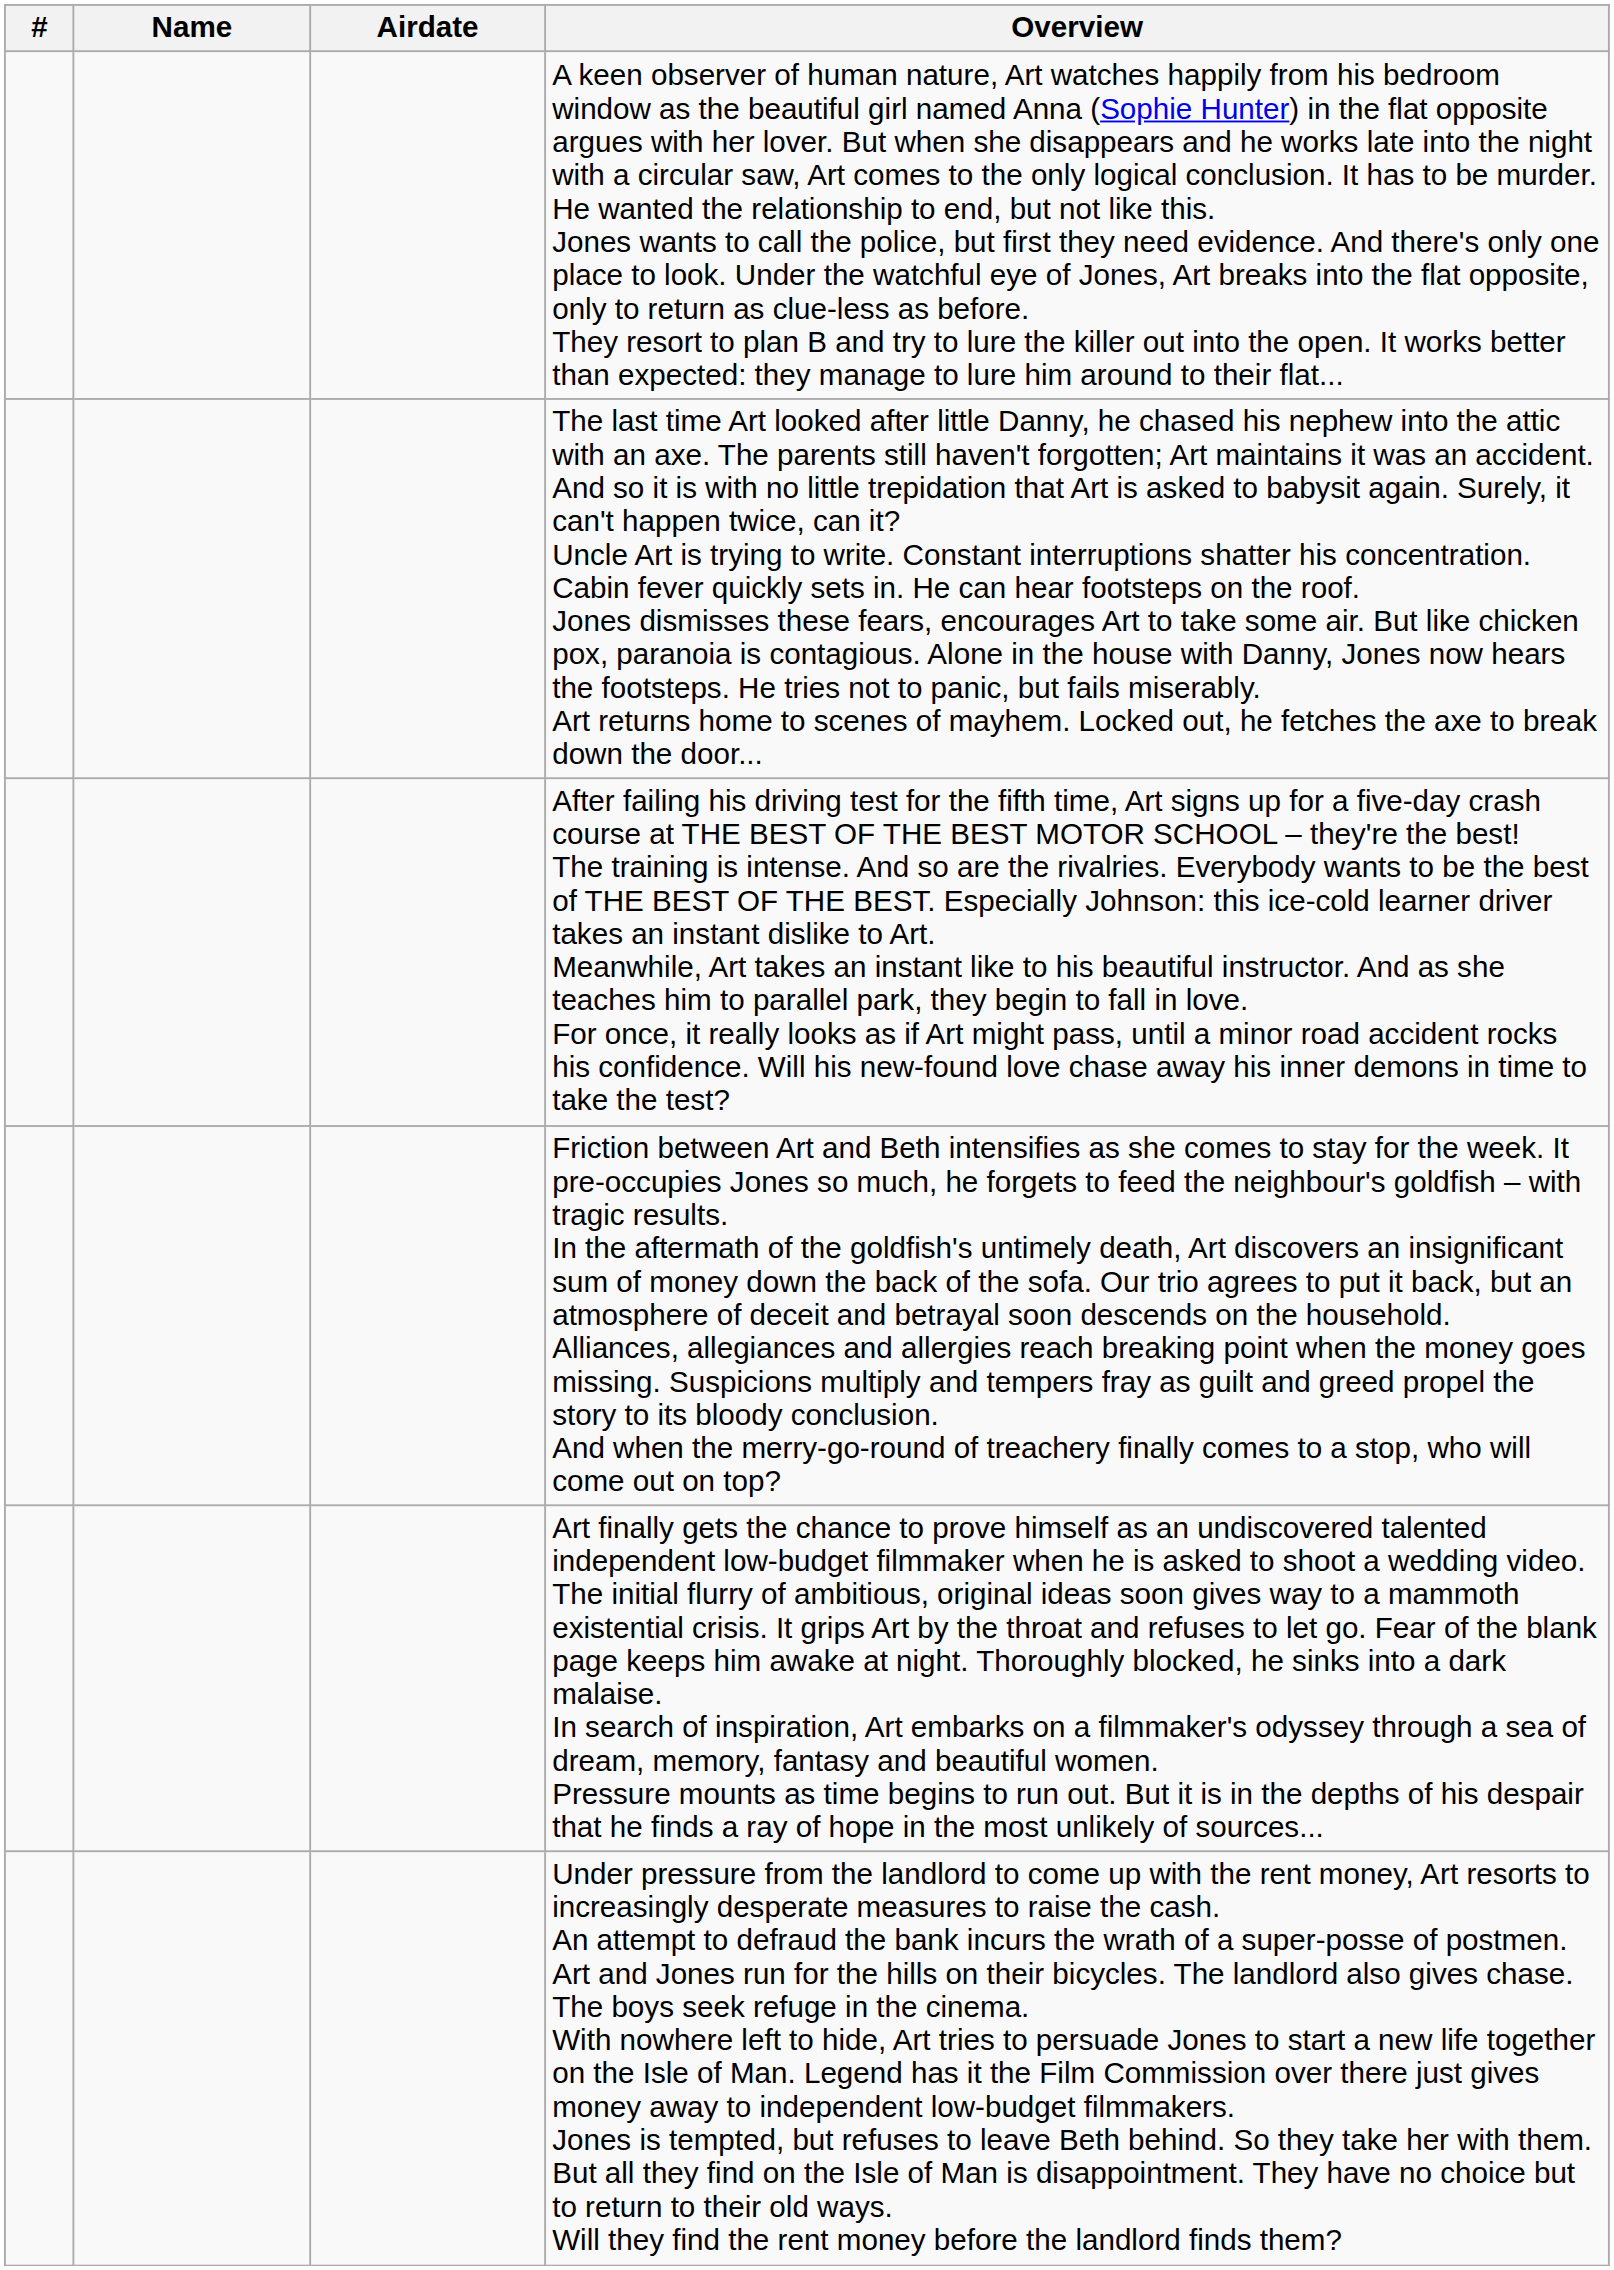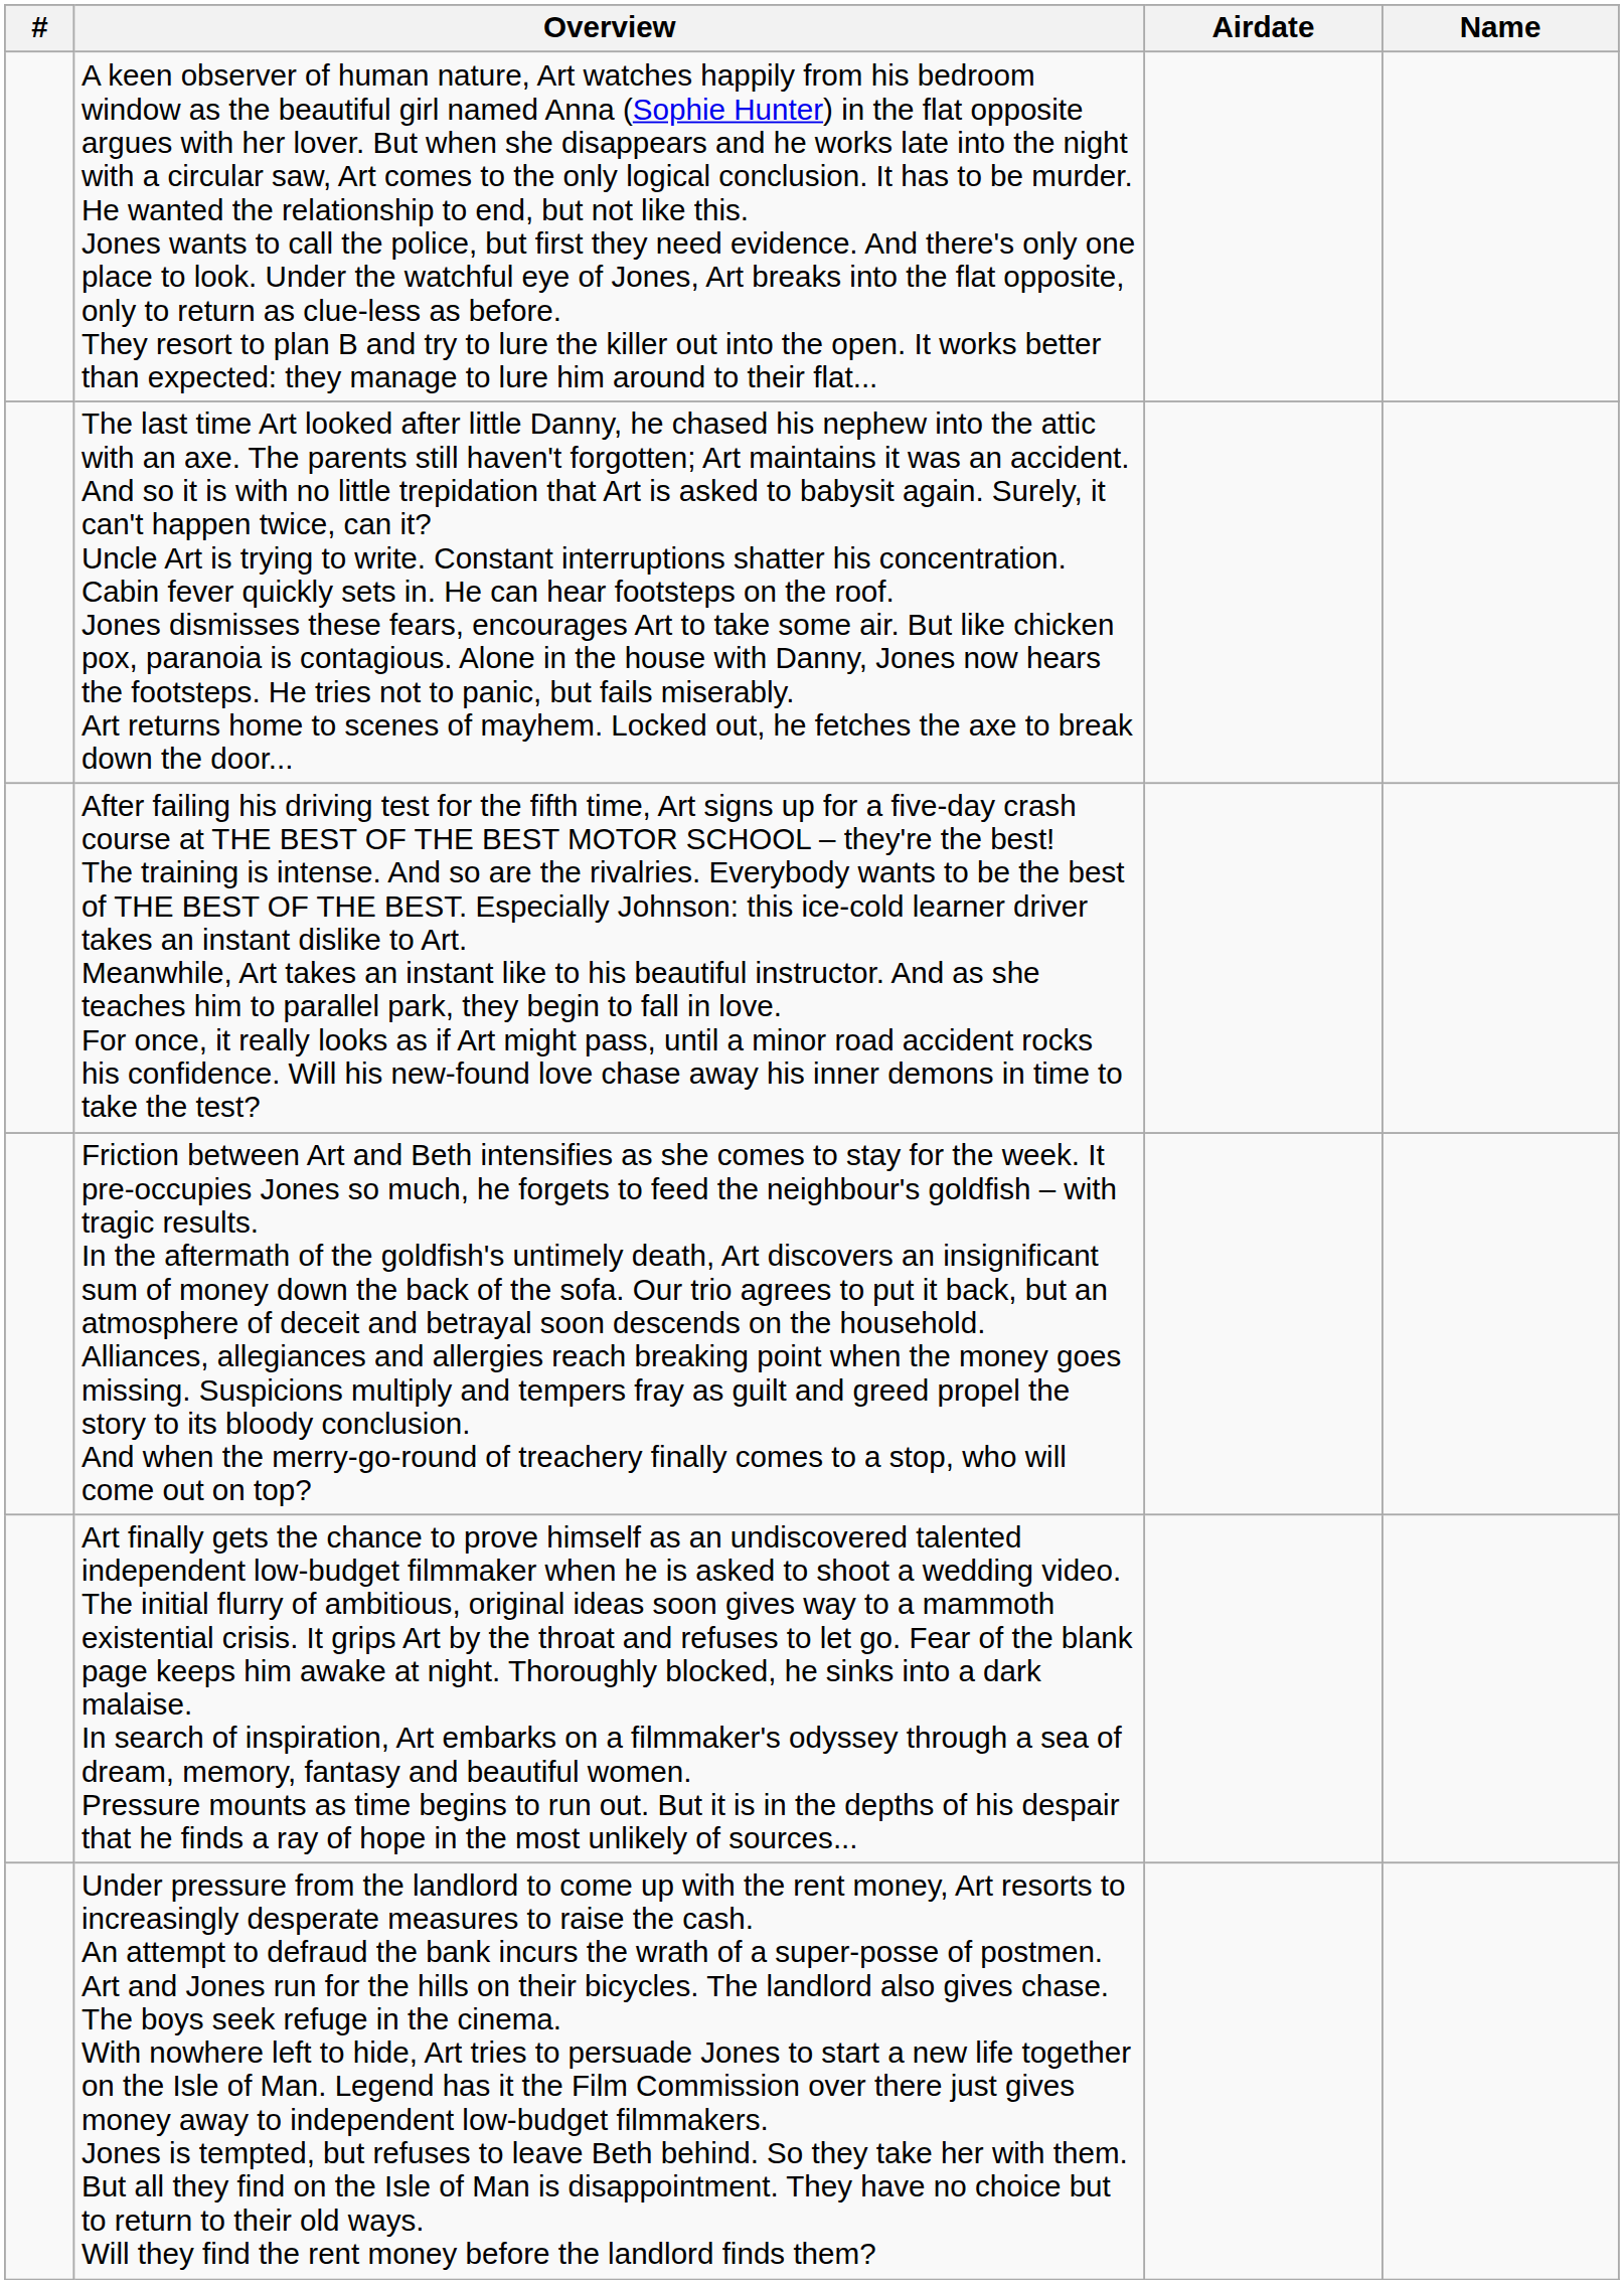 <table class="wikitable">
 <tr>
 <th width="30">#</th>
+<th>Overview</th>
+<th width="120">Airdate</th>
 <th width="120">Name</th>
-<th width="120">Airdate</th>
-<th>Overview</th>
 </tr>
 <tr>
 <td></td>
+<td>A keen observer of human nature, Art watches happily from his bedroom window as the beautiful girl named Anna (<a href='#'>Sophie Hunter</a>) in the flat opposite argues with her lover. But when she disappears and he works late into the night with a circular saw, Art comes to the only logical conclusion. It has to be murder.<br>He wanted the relationship to end, but not like this.<br>Jones wants to call the police, but first they need evidence. And there's only one place to look. Under the watchful eye of Jones, Art breaks into the flat opposite, only to return as clue-less as before.<br>They resort to plan B and try to lure the killer out into the open. It works better than expected: they manage to lure him around to their flat...</td>
 <td></td>
 <td></td>
-<td>A keen observer of human nature, Art watches happily from his bedroom window as the beautiful girl named Anna (<a href='#'>Sophie Hunter</a>) in the flat opposite argues with her lover. But when she disappears and he works late into the night with a circular saw, Art comes to the only logical conclusion. It has to be murder.<br>He wanted the relationship to end, but not like this.<br>Jones wants to call the police, but first they need evidence. And there's only one place to look. Under the watchful eye of Jones, Art breaks into the flat opposite, only to return as clue-less as before.<br>They resort to plan B and try to lure the killer out into the open. It works better than expected: they manage to lure him around to their flat...</td>
 </tr>
 <tr>
 <td></td>
+<td>The last time Art looked after little Danny, he chased his nephew into the attic with an axe. The parents still haven't forgotten; Art maintains it was an accident. And so it is with no little trepidation that Art is asked to babysit again. Surely, it can't happen twice, can it?<br>Uncle Art is trying to write. Constant interruptions shatter his concentration. Cabin fever quickly sets in. He can hear footsteps on the roof.<br>Jones dismisses these fears, encourages Art to take some air. But like chicken pox, paranoia is contagious. Alone in the house with Danny, Jones now hears the footsteps. He tries not to panic, but fails miserably.<br>Art returns home to scenes of mayhem. Locked out, he fetches the axe to break down the door...</td>
 <td></td>
 <td></td>
-<td>The last time Art looked after little Danny, he chased his nephew into the attic with an axe. The parents still haven't forgotten; Art maintains it was an accident. And so it is with no little trepidation that Art is asked to babysit again. Surely, it can't happen twice, can it?<br>Uncle Art is trying to write. Constant interruptions shatter his concentration. Cabin fever quickly sets in. He can hear footsteps on the roof.<br>Jones dismisses these fears, encourages Art to take some air. But like chicken pox, paranoia is contagious. Alone in the house with Danny, Jones now hears the footsteps. He tries not to panic, but fails miserably.<br>Art returns home to scenes of mayhem. Locked out, he fetches the axe to break down the door...</td>
 </tr>
 <tr>
 <td></td>
+<td>After failing his driving test for the fifth time, Art signs up for a five-day crash course at THE BEST OF THE BEST MOTOR SCHOOL – they're the best!<br>The training is intense. And so are the rivalries. Everybody wants to be the best of THE BEST OF THE BEST. Especially Johnson: this ice-cold learner driver takes an instant dislike to Art.<br>Meanwhile, Art takes an instant like to his beautiful instructor. And as she teaches him to parallel park, they begin to fall in love.<br>For once, it really looks as if Art might pass, until a minor road accident rocks his confidence. Will his new-found love chase away his inner demons in time to take the test?</td>
 <td></td>
 <td></td>
-<td>After failing his driving test for the fifth time, Art signs up for a five-day crash course at THE BEST OF THE BEST MOTOR SCHOOL – they're the best!<br>The training is intense. And so are the rivalries. Everybody wants to be the best of THE BEST OF THE BEST. Especially Johnson: this ice-cold learner driver takes an instant dislike to Art.<br>Meanwhile, Art takes an instant like to his beautiful instructor. And as she teaches him to parallel park, they begin to fall in love.<br>For once, it really looks as if Art might pass, until a minor road accident rocks his confidence. Will his new-found love chase away his inner demons in time to take the test?</td>
 </tr>
 <tr>
 <td></td>
+<td>Friction between Art and Beth intensifies as she comes to stay for the week. It pre-occupies Jones so much, he forgets to feed the neighbour's goldfish – with tragic results.<br>In the aftermath of the goldfish's untimely death, Art discovers an insignificant sum of money down the back of the sofa. Our trio agrees to put it back, but an atmosphere of deceit and betrayal soon descends on the household.<br>Alliances, allegiances and allergies reach breaking point when the money goes missing. Suspicions multiply and tempers fray as guilt and greed propel the story to its bloody conclusion.<br>And when the merry-go-round of treachery finally comes to a stop, who will come out on top?</td>
 <td></td>
 <td></td>
-<td>Friction between Art and Beth intensifies as she comes to stay for the week. It pre-occupies Jones so much, he forgets to feed the neighbour's goldfish – with tragic results.<br>In the aftermath of the goldfish's untimely death, Art discovers an insignificant sum of money down the back of the sofa. Our trio agrees to put it back, but an atmosphere of deceit and betrayal soon descends on the household.<br>Alliances, allegiances and allergies reach breaking point when the money goes missing. Suspicions multiply and tempers fray as guilt and greed propel the story to its bloody conclusion.<br>And when the merry-go-round of treachery finally comes to a stop, who will come out on top?</td>
 </tr>
 <tr>
 <td></td>
+<td>Art finally gets the chance to prove himself as an undiscovered talented independent low-budget filmmaker when he is asked to shoot a wedding video.<br>The initial flurry of ambitious, original ideas soon gives way to a mammoth existential crisis. It grips Art by the throat and refuses to let go. Fear of the blank page keeps him awake at night. Thoroughly blocked, he sinks into a dark malaise.<br>In search of inspiration, Art embarks on a filmmaker's odyssey through a sea of dream, memory, fantasy and beautiful women.<br>Pressure mounts as time begins to run out. But it is in the depths of his despair that he finds a ray of hope in the most unlikely of sources...</td>
 <td></td>
 <td></td>
-<td>Art finally gets the chance to prove himself as an undiscovered talented independent low-budget filmmaker when he is asked to shoot a wedding video.<br>The initial flurry of ambitious, original ideas soon gives way to a mammoth existential crisis. It grips Art by the throat and refuses to let go. Fear of the blank page keeps him awake at night. Thoroughly blocked, he sinks into a dark malaise.<br>In search of inspiration, Art embarks on a filmmaker's odyssey through a sea of dream, memory, fantasy and beautiful women.<br>Pressure mounts as time begins to run out. But it is in the depths of his despair that he finds a ray of hope in the most unlikely of sources...</td>
 </tr>
 <tr>
 <td></td>
+<td>Under pressure from the landlord to come up with the rent money, Art resorts to increasingly desperate measures to raise the cash.<br>An attempt to defraud the bank incurs the wrath of a super-posse of postmen. Art and Jones run for the hills on their bicycles. The landlord also gives chase. The boys seek refuge in the cinema.<br>With nowhere left to hide, Art tries to persuade Jones to start a new life together on the Isle of Man. Legend has it the Film Commission over there just gives money away to independent low-budget filmmakers.<br>Jones is tempted, but refuses to leave Beth behind. So they take her with them. But all they find on the Isle of Man is disappointment. They have no choice but to return to their old ways.<br>Will they find the rent money before the landlord finds them?</td>
 <td></td>
 <td></td>
-<td>Under pressure from the landlord to come up with the rent money, Art resorts to increasingly desperate measures to raise the cash.<br>An attempt to defraud the bank incurs the wrath of a super-posse of postmen. Art and Jones run for the hills on their bicycles. The landlord also gives chase. The boys seek refuge in the cinema.<br>With nowhere left to hide, Art tries to persuade Jones to start a new life together on the Isle of Man. Legend has it the Film Commission over there just gives money away to independent low-budget filmmakers.<br>Jones is tempted, but refuses to leave Beth behind. So they take her with them. But all they find on the Isle of Man is disappointment. They have no choice but to return to their old ways.<br>Will they find the rent money before the landlord finds them?</td>
 </tr>
 </table>
